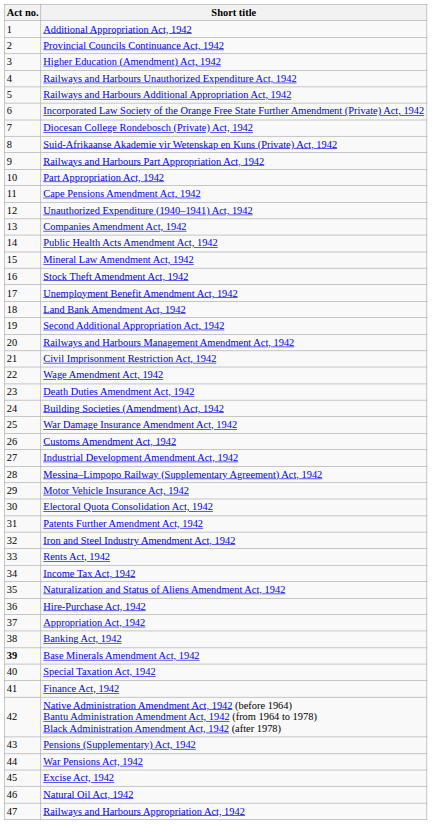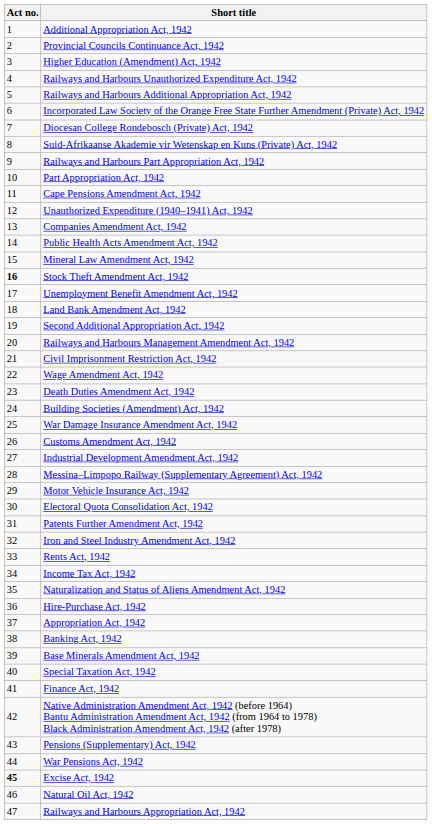 <table class="wikitable sortable">
 <tr>
 <th>Act no.</th>
 <th>Short title</th>
 </tr>
 <tr>
 <td>1</td>
 <td><a href='#'>Additional Appropriation Act, 1942</a></td>
 </tr>
 <tr>
 <td>2</td>
 <td><a href='#'>Provincial Councils Continuance Act, 1942</a></td>
 </tr>
 <tr>
 <td>3</td>
 <td><a href='#'>Higher Education (Amendment) Act, 1942</a></td>
 </tr>
 <tr>
 <td>4</td>
 <td><a href='#'>Railways and Harbours Unauthorized Expenditure Act, 1942</a></td>
 </tr>
 <tr>
 <td>5</td>
 <td><a href='#'>Railways and Harbours Additional Appropriation Act, 1942</a></td>
 </tr>
 <tr>
 <td>6</td>
 <td><a href='#'>Incorporated Law Society of the Orange Free State Further Amendment (Private) Act, 1942</a></td>
 </tr>
 <tr>
 <td>7</td>
 <td><a href='#'>Diocesan College Rondebosch (Private) Act, 1942</a></td>
 </tr>
 <tr>
 <td>8</td>
 <td><a href='#'>Suid-Afrikaanse Akademie vir Wetenskap en Kuns (Private) Act, 1942</a></td>
 </tr>
 <tr>
 <td>9</td>
 <td><a href='#'>Railways and Harbours Part Appropriation Act, 1942</a></td>
 </tr>
 <tr>
 <td>10</td>
 <td><a href='#'>Part Appropriation Act, 1942</a></td>
 </tr>
 <tr>
 <td>11</td>
 <td><a href='#'>Cape Pensions Amendment Act, 1942</a></td>
 </tr>
 <tr>
 <td>12</td>
 <td><a href='#'>Unauthorized Expenditure (1940–1941) Act, 1942</a></td>
 </tr>
 <tr>
 <td>13</td>
 <td><a href='#'>Companies Amendment Act, 1942</a></td>
 </tr>
 <tr>
 <td>14</td>
 <td><a href='#'>Public Health Acts Amendment Act, 1942</a></td>
 </tr>
 <tr>
 <td>15</td>
 <td><a href='#'>Mineral Law Amendment Act, 1942</a></td>
 </tr>
 <tr>
-<td>16</td>
+<td><strong>16</strong></td>
 <td><a href='#'>Stock Theft Amendment Act, 1942</a></td>
 </tr>
 <tr>
 <td>17</td>
 <td><a href='#'>Unemployment Benefit Amendment Act, 1942</a></td>
 </tr>
 <tr>
 <td>18</td>
 <td><a href='#'>Land Bank Amendment Act, 1942</a></td>
 </tr>
 <tr>
 <td>19</td>
 <td><a href='#'>Second Additional Appropriation Act, 1942</a></td>
 </tr>
 <tr>
 <td>20</td>
 <td><a href='#'>Railways and Harbours Management Amendment Act, 1942</a></td>
 </tr>
 <tr>
 <td>21</td>
 <td><a href='#'>Civil Imprisonment Restriction Act, 1942</a></td>
 </tr>
 <tr>
 <td>22</td>
 <td><a href='#'>Wage Amendment Act, 1942</a></td>
 </tr>
 <tr>
 <td>23</td>
 <td><a href='#'>Death Duties Amendment Act, 1942</a></td>
 </tr>
 <tr>
 <td>24</td>
 <td><a href='#'>Building Societies (Amendment) Act, 1942</a></td>
 </tr>
 <tr>
 <td>25</td>
 <td><a href='#'>War Damage Insurance Amendment Act, 1942</a></td>
 </tr>
 <tr>
 <td>26</td>
 <td><a href='#'>Customs Amendment Act, 1942</a></td>
 </tr>
 <tr>
 <td>27</td>
 <td><a href='#'>Industrial Development Amendment Act, 1942</a></td>
 </tr>
 <tr>
 <td>28</td>
 <td><a href='#'>Messina–Limpopo Railway (Supplementary Agreement) Act, 1942</a></td>
 </tr>
 <tr>
 <td>29</td>
 <td><a href='#'>Motor Vehicle Insurance Act, 1942</a></td>
 </tr>
 <tr>
 <td>30</td>
 <td><a href='#'>Electoral Quota Consolidation Act, 1942</a></td>
 </tr>
 <tr>
 <td>31</td>
 <td><a href='#'>Patents Further Amendment Act, 1942</a></td>
 </tr>
 <tr>
 <td>32</td>
 <td><a href='#'>Iron and Steel Industry Amendment Act, 1942</a></td>
 </tr>
 <tr>
 <td>33</td>
 <td><a href='#'>Rents Act, 1942</a></td>
 </tr>
 <tr>
 <td>34</td>
 <td><a href='#'>Income Tax Act, 1942</a></td>
 </tr>
 <tr>
 <td>35</td>
 <td><a href='#'>Naturalization and Status of Aliens Amendment Act, 1942</a></td>
 </tr>
 <tr>
 <td>36</td>
 <td><a href='#'>Hire-Purchase Act, 1942</a></td>
 </tr>
 <tr>
 <td>37</td>
 <td><a href='#'>Appropriation Act, 1942</a></td>
 </tr>
 <tr>
 <td>38</td>
 <td><a href='#'>Banking Act, 1942</a></td>
 </tr>
 <tr>
-<td><strong>39</strong></td>
+<td>39</td>
 <td><a href='#'>Base Minerals Amendment Act, 1942</a></td>
 </tr>
 <tr>
 <td>40</td>
 <td><a href='#'>Special Taxation Act, 1942</a></td>
 </tr>
 <tr>
 <td>41</td>
 <td><a href='#'>Finance Act, 1942</a></td>
 </tr>
 <tr>
 <td>42</td>
 <td><a href='#'>Native Administration Amendment Act, 1942</a> (before 1964) <br><a href='#'>Bantu Administration Amendment Act, 1942</a> (from 1964 to 1978) <br><a href='#'>Black Administration Amendment Act, 1942</a> (after 1978)</td>
 </tr>
 <tr>
 <td>43</td>
 <td><a href='#'>Pensions (Supplementary) Act, 1942</a></td>
 </tr>
 <tr>
 <td>44</td>
 <td><a href='#'>War Pensions Act, 1942</a></td>
 </tr>
 <tr>
-<td>45</td>
+<td><strong>45</strong></td>
 <td><a href='#'>Excise Act, 1942</a></td>
 </tr>
 <tr>
 <td>46</td>
 <td><a href='#'>Natural Oil Act, 1942</a></td>
 </tr>
 <tr>
 <td>47</td>
 <td><a href='#'>Railways and Harbours Appropriation Act, 1942</a></td>
 </tr>
 </table>
